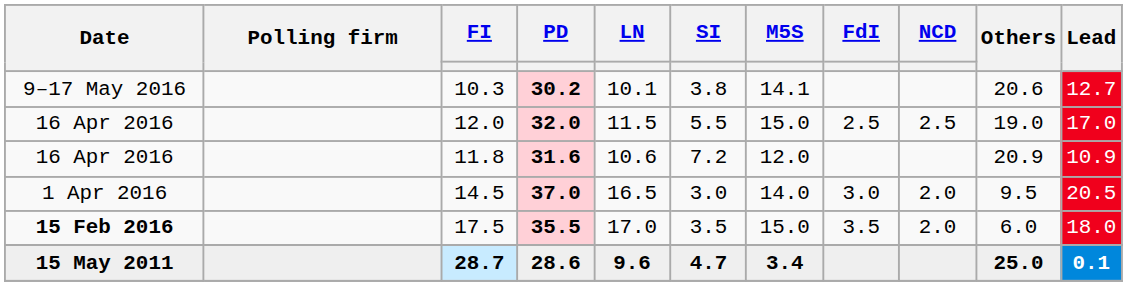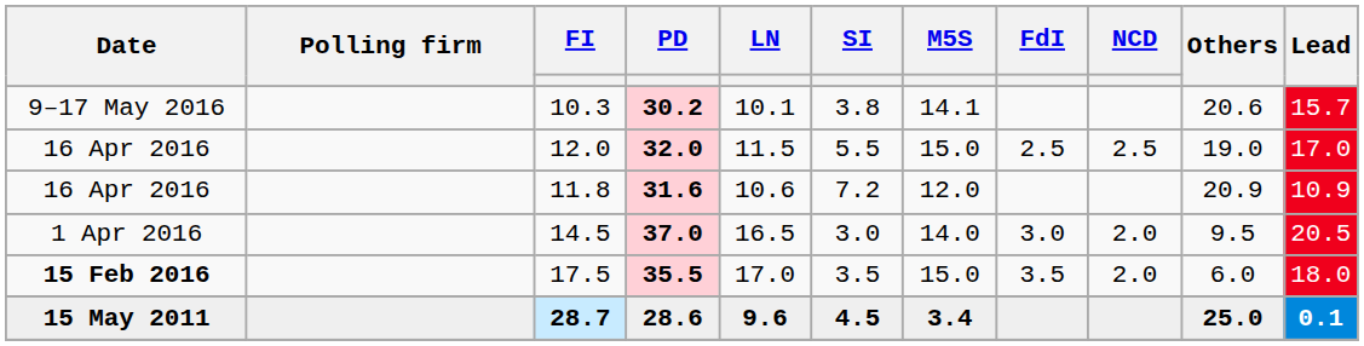 <table class="wikitable collapsible" style="text-align:center;font-size:85%;line-height:13px">
 <tr style="height:30px; background-color:#E9E9E9">
 <th style="width:100px;" rowspan="2">Date</th>
 <th style="width:120px;" rowspan="2">Polling firm</th>
 <th style="width:35px;"><a href='#'>FI</a></th>
 <th style="width:35px;"><a href='#'>PD</a></th>
 <th style="width:35px;"><a href='#'>LN</a></th>
 <th style="width:35px;"><a href='#'>SI</a></th>
 <th style="width:35px;"><a href='#'>M5S</a></th>
 <th style="width:35px;"><a href='#'>FdI</a></th>
 <th style="width:35px;"><a href='#'>NCD</a></th>
 <th style="width:35px;" rowspan="2">Others</th>
 <th style="width:25px;" rowspan="2">Lead</th>
 </tr>
 <tr>
 <th style="background:"></th>
 <th style="background:"></th>
 <th style="background:"></th>
 <th style="background:"></th>
 <th style="background:"></th>
 <th style="background:"></th>
 <th style="background:"></th>
 </tr>
 <tr>
 <td>9–17 May 2016</td>
 <td></td>
 <td>10.3</td>
 <td style="background:#FFD0D7"><strong>30.2</strong></td>
 <td>10.1</td>
 <td>3.8</td>
 <td>14.1</td>
 <td></td>
 <td></td>
 <td>20.6</td>
-<td style="background:#F0001C; color:white;">12.7</td>
+<td style="background:#F0001C; color:white;">15.7</td>
 </tr>
 <tr>
 <td>16 Apr 2016</td>
 <td></td>
 <td>12.0</td>
 <td style="background:#FFD0D7"><strong>32.0</strong></td>
 <td>11.5</td>
 <td>5.5</td>
 <td>15.0</td>
 <td>2.5</td>
 <td>2.5</td>
 <td>19.0</td>
 <td style="background:#F0001C; color:white;">17.0</td>
 </tr>
 <tr>
 <td>16 Apr 2016</td>
 <td></td>
 <td>11.8</td>
 <td style="background:#FFD0D7"><strong>31.6</strong></td>
 <td>10.6</td>
 <td>7.2</td>
 <td>12.0</td>
 <td></td>
 <td></td>
 <td>20.9</td>
 <td style="background:#F0001C; color:white;">10.9</td>
 </tr>
 <tr>
 <td>1 Apr 2016</td>
 <td></td>
 <td>14.5</td>
 <td style="background:#FFD0D7"><strong>37.0</strong></td>
 <td>16.5</td>
 <td>3.0</td>
 <td>14.0</td>
 <td>3.0</td>
 <td>2.0</td>
 <td>9.5</td>
 <td style="background:#F0001C; color:white;">20.5</td>
 </tr>
 <tr>
 <td><strong>15 Feb 2016</strong></td>
 <td></td>
 <td>17.5</td>
 <td style="background:#FFD0D7"><strong>35.5</strong></td>
 <td>17.0</td>
 <td>3.5</td>
 <td>15.0</td>
 <td>3.5</td>
 <td>2.0</td>
 <td>6.0</td>
 <td style="background:#F0001C; color:white;">18.0</td>
 </tr>
 <tr>
 </tr>
 <tr style="background:#EFEFEF; font-weight:bold;">
 <td>15 May 2011</td>
 <td></td>
 <td style="background:#C8EBFF">28.7</td>
 <td>28.6</td>
 <td>9.6</td>
-<td>4.7</td>
+<td>4.5</td>
 <td>3.4</td>
 <td></td>
 <td></td>
 <td>25.0</td>
 <td style="background:#0087DC; color:white;">0.1</td>
 </tr>
 <tr>
 </tr>
 </table>
